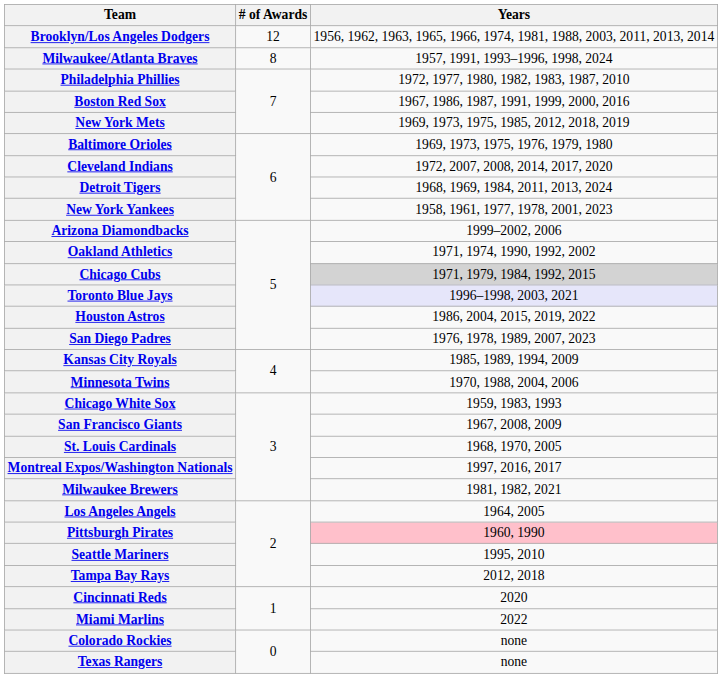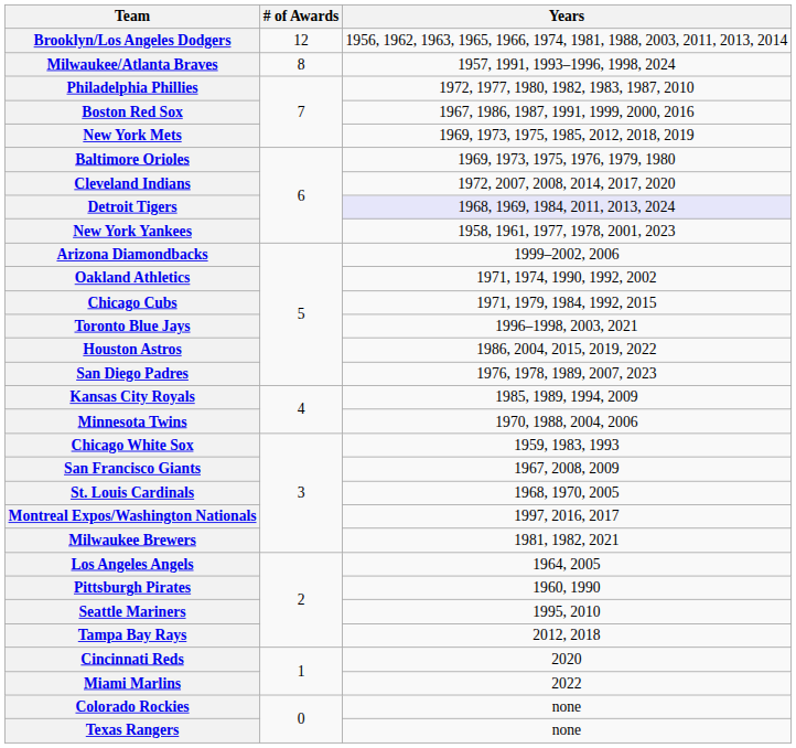 <table class="wikitable sortable plainrowheaders" style="text-align:center">
 <tr>
 <th scope="col">Team</th>
 <th scope="col"># of Awards</th>
 <th scope="col">Years</th>
 </tr>
 <tr>
 <th scope="row" style="text-align:center"><a href='#'>Brooklyn/Los Angeles Dodgers</a></th>
 <td>12</td>
 <td>1956, 1962, 1963, 1965, 1966, 1974, 1981, 1988, 2003, 2011, 2013, 2014</td>
 </tr>
 <tr>
 <th scope="row" style="text-align:center"><a href='#'>Milwaukee/Atlanta Braves</a></th>
 <td>8</td>
 <td>1957, 1991, 1993–1996, 1998, 2024</td>
 </tr>
 <tr>
 <th scope="row" style="text-align:center"><a href='#'>Philadelphia Phillies</a></th>
 <td rowspan="3">7</td>
 <td>1972, 1977, 1980, 1982, 1983, 1987, 2010</td>
 </tr>
 <tr>
 <th scope="row" style="text-align:center"><a href='#'>Boston Red Sox</a></th>
 <td>1967, 1986, 1987, 1991, 1999, 2000, 2016</td>
 </tr>
 <tr>
 <th scope="row" style="text-align:center"><a href='#'>New York Mets</a></th>
 <td>1969, 1973, 1975, 1985, 2012, 2018, 2019</td>
 </tr>
 <tr>
 <th scope="row" style="text-align:center"><a href='#'>Baltimore Orioles</a></th>
 <td rowspan=4>6</td>
 <td>1969, 1973, 1975, 1976, 1979, 1980</td>
 </tr>
 <tr>
 <th scope="row" style="text-align:center"><a href='#'>Cleveland Indians</a></th>
 <td>1972, 2007, 2008, 2014, 2017, 2020</td>
 </tr>
 <tr>
 <th scope="row" style="text-align:center"><a href='#'>Detroit Tigers</a></th>
-<td>1968, 1969, 1984, 2011, 2013, 2024</td>
+<td style="background: lavender;">1968, 1969, 1984, 2011, 2013, 2024</td>
 </tr>
 <tr>
 <th scope="row" style="text-align:center"><a href='#'>New York Yankees</a></th>
 <td>1958, 1961, 1977, 1978, 2001, 2023</td>
 </tr>
 <tr>
 <th scope="row" style="text-align:center"><a href='#'>Arizona Diamondbacks</a></th>
 <td rowspan=6>5</td>
 <td>1999–2002, 2006</td>
 </tr>
 <tr>
 <th scope="row" style="text-align:center"><a href='#'>Oakland Athletics</a></th>
 <td>1971, 1974, 1990, 1992, 2002</td>
 </tr>
 <tr>
 <th scope="row" style="text-align:center"><a href='#'>Chicago Cubs</a></th>
-<td style="background: lightgrey;">1971, 1979, 1984, 1992, 2015</td>
+<td>1971, 1979, 1984, 1992, 2015</td>
 </tr>
 <tr>
 <th scope="row" style="text-align:center"><a href='#'>Toronto Blue Jays</a></th>
-<td style="background: lavender;">1996–1998, 2003, 2021</td>
+<td>1996–1998, 2003, 2021</td>
 </tr>
 <tr>
 <th scope="row" style="text-align:center"><a href='#'>Houston Astros</a></th>
 <td>1986, 2004, 2015, 2019, 2022</td>
 </tr>
 <tr>
 <th scope="row" style="text-align:center"><a href='#'>San Diego Padres</a></th>
 <td>1976, 1978, 1989, 2007, 2023</td>
 </tr>
 <tr>
 <th scope="row" style="text-align:center"><a href='#'>Kansas City Royals</a></th>
 <td rowspan=2>4</td>
 <td>1985, 1989, 1994, 2009</td>
 </tr>
 <tr>
 <th scope="row" style="text-align:center"><a href='#'>Minnesota Twins</a></th>
 <td>1970, 1988, 2004, 2006</td>
 </tr>
 <tr>
 <th scope="row" style="text-align:center"><a href='#'>Chicago White Sox</a></th>
 <td rowspan=5>3</td>
 <td>1959, 1983, 1993</td>
 </tr>
 <tr>
 <th scope="row" style="text-align:center"><a href='#'>San Francisco Giants</a></th>
 <td>1967, 2008, 2009</td>
 </tr>
 <tr>
 <th scope="row" style="text-align:center"><a href='#'>St. Louis Cardinals</a></th>
 <td>1968, 1970, 2005</td>
 </tr>
 <tr>
 <th scope="row" style="text-align:center"><a href='#'>Montreal Expos/Washington Nationals</a></th>
 <td>1997, 2016, 2017</td>
 </tr>
 <tr>
 <th scope="row" style="text-align:center"><a href='#'>Milwaukee Brewers</a></th>
 <td>1981, 1982, 2021</td>
 </tr>
 <tr>
 <th scope="row" style="text-align:center"><a href='#'>Los Angeles Angels</a></th>
 <td rowspan=4>2</td>
 <td>1964, 2005</td>
 </tr>
 <tr>
 <th scope="row" style="text-align:center"><a href='#'>Pittsburgh Pirates</a></th>
-<td style="background: pink;">1960, 1990</td>
+<td>1960, 1990</td>
 </tr>
 <tr>
 <th scope="row" style="text-align:center"><a href='#'>Seattle Mariners</a></th>
 <td>1995, 2010</td>
 </tr>
 <tr>
 <th scope="row" style="text-align:center"><a href='#'>Tampa Bay Rays</a></th>
 <td>2012, 2018</td>
 </tr>
 <tr>
 <th scope="row" style="text-align:center"><a href='#'>Cincinnati Reds</a></th>
 <td rowspan=2>1</td>
 <td>2020</td>
 </tr>
 <tr>
 <th scope="row" style="text-align:center"><a href='#'>Miami Marlins</a></th>
 <td>2022</td>
 </tr>
 <tr>
 <th scope="row" style="text-align:center"><a href='#'>Colorado Rockies</a></th>
 <td rowspan=3>0</td>
 <td>none</td>
 </tr>
 <tr>
 <th scope="row" style="text-align:center"><a href='#'>Texas Rangers</a></th>
 <td>none</td>
 </tr>
 </table>
